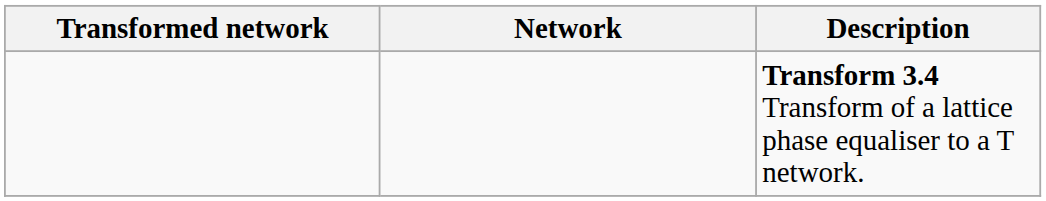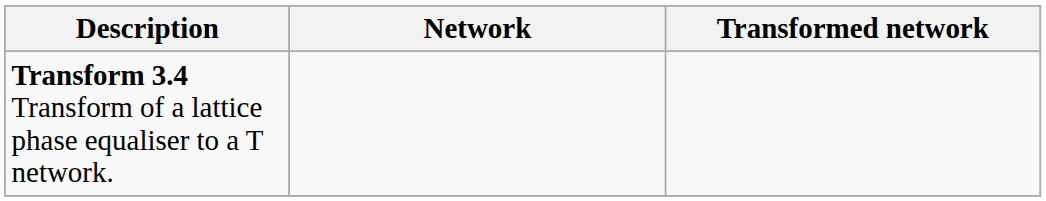 <table class="wikitable" style="text-align:left;" align="left">
 <tr style="text-align:center;">
+<th>Description</th>
+<th>Network</th>
 <th>Transformed network</th>
-<th>Network</th>
-<th>Description</th>
 </tr>
 <tr valign="top">
+<td width="150px"><strong>Transform 3.4</strong><br>Transform of a lattice phase equaliser to a T network.</td>
 <td width="200px"></td>
 <td width="200px"></td>
-<td width="150px"><strong>Transform 3.4</strong><br>Transform of a lattice phase equaliser to a T network.</td>
 </tr>
 </table>
